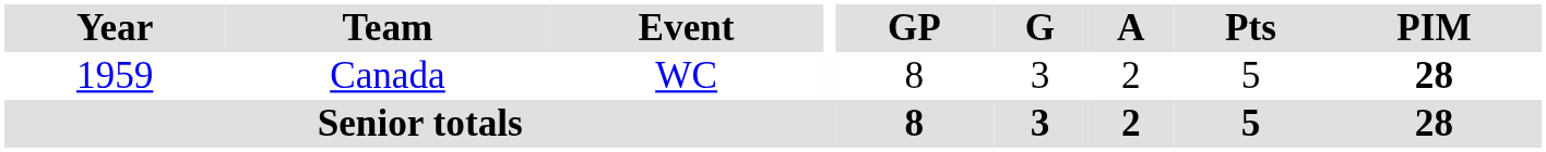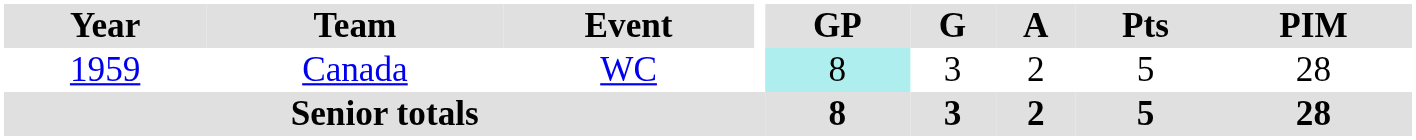 <table border="0" cellpadding="1" cellspacing="0" ID="Table3" style="text-align:center; width:40em">
 <tr bgcolor="#e0e0e0">
 <th>Year</th>
 <th>Team</th>
 <th>Event</th>
 <th rowspan="102" bgcolor="#ffffff"></th>
 <th>GP</th>
 <th>G</th>
 <th>A</th>
 <th>Pts</th>
 <th>PIM</th>
 </tr>
 <tr>
 <td><a href='#'>1959</a></td>
 <td><a href='#'>Canada</a></td>
 <td><a href='#'>WC</a></td>
-<td>8</td>
+<td style="background: paleturquoise;">8</td>
 <td>3</td>
 <td>2</td>
 <td>5</td>
-<td><strong>28</strong></td>
+<td>28</td>
 </tr>
 <tr bgcolor="#e0e0e0">
 <th colspan="4">Senior totals</th>
 <th>8</th>
 <th>3</th>
 <th>2</th>
 <th>5</th>
 <th>28</th>
 </tr>
 </table>
